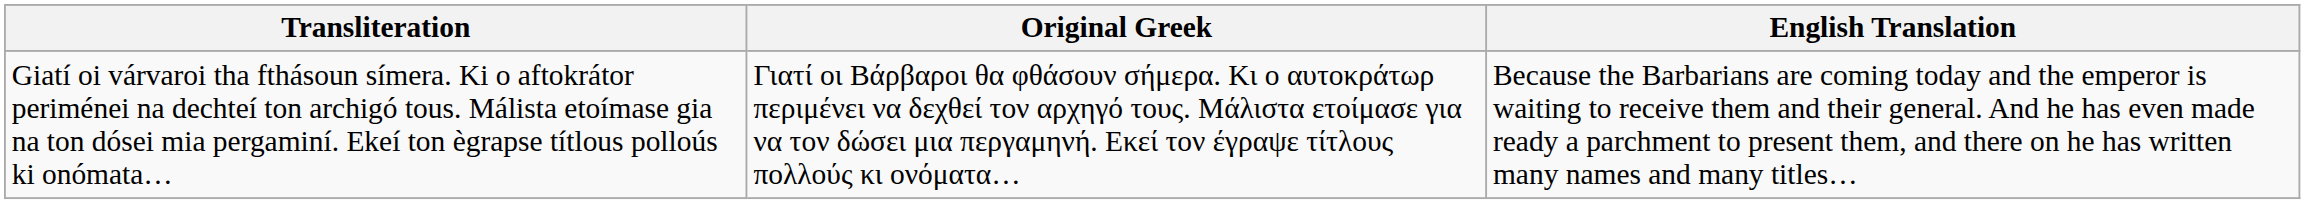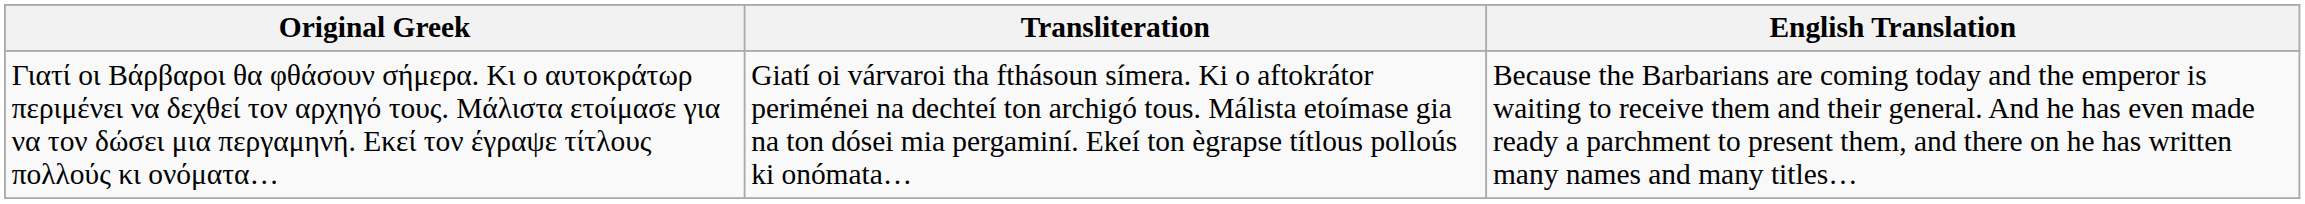 <table class="wikitable sortable “wikitable”">
 <tr>
+<th>Original Greek</th>
 <th>Transliteration</th>
-<th>Original Greek</th>
 <th>English Translation</th>
 </tr>
 <tr>
+<td>Γιατί οι Βάρβαροι θα φθάσουν σήμερα. Κι ο αυτοκράτωρ περιμένει να δεχθεί τον αρχηγό τους. Μάλιστα ετοίμασε για να τον δώσει μια περγαμηνή. Εκεί τον έγραψε τίτλους πολλούς κι ονόματα…</td>
 <td>Giatí oi várvaroi tha fthásoun símera. Ki o aftokrátor periménei na dechteí ton archigó tous. Málista etoímase gia na ton dósei mia pergaminí. Ekeí ton ègrapse títlous polloús ki onómata…</td>
-<td>Γιατί οι Βάρβαροι θα φθάσουν σήμερα. Κι ο αυτοκράτωρ περιμένει να δεχθεί τον αρχηγό τους. Μάλιστα ετοίμασε για να τον δώσει μια περγαμηνή. Εκεί τον έγραψε τίτλους πολλούς κι ονόματα…</td>
 <td>Because the Barbarians are coming today and the emperor is waiting to receive them and their general. And he has even made ready a parchment to present them, and there on he has written many names and many titles…</td>
 </tr>
 </table>
